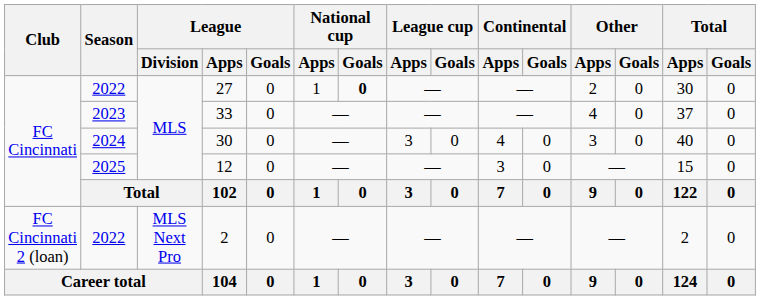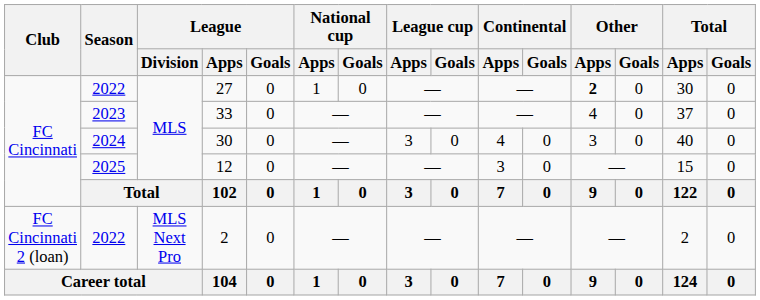 <table class=wikitable style=text-align:center>
 <tr>
 <th rowspan=2>Club</th>
 <th rowspan=2>Season</th>
 <th colspan=3>League</th>
 <th colspan=2>National cup</th>
 <th colspan="2">League cup</th>
 <th colspan="2">Continental</th>
 <th colspan="2">Other</th>
 <th colspan="2">Total</th>
 </tr>
 <tr>
 <th>Division</th>
 <th>Apps</th>
 <th>Goals</th>
 <th>Apps</th>
 <th>Goals</th>
 <th>Apps</th>
 <th>Goals</th>
 <th>Apps</th>
 <th>Goals</th>
 <th>Apps</th>
 <th>Goals</th>
 <th>Apps</th>
 <th>Goals</th>
 </tr>
 <tr>
 <td rowspan="5"><a href='#'>FC Cincinnati</a></td>
 <td><a href='#'>2022</a></td>
 <td rowspan="4"><a href='#'>MLS</a></td>
 <td>27</td>
 <td>0</td>
 <td>1</td>
-<td><strong>0</strong></td>
+<td>0</td>
 <td colspan="2">—</td>
 <td colspan="2">—</td>
-<td>2</td>
+<td><strong>2</strong></td>
 <td>0</td>
 <td>30</td>
 <td>0</td>
 </tr>
 <tr>
 <td><a href='#'>2023</a></td>
 <td>33</td>
 <td>0</td>
 <td colspan=2>—</td>
 <td colspan="2">—</td>
 <td colspan="2">—</td>
 <td>4</td>
 <td>0</td>
 <td>37</td>
 <td>0</td>
 </tr>
 <tr>
 <td><a href='#'>2024</a></td>
 <td>30</td>
 <td>0</td>
 <td colspan=2>—</td>
 <td>3</td>
 <td>0</td>
 <td>4</td>
 <td>0</td>
 <td>3</td>
 <td>0</td>
 <td>40</td>
 <td>0</td>
 </tr>
 <tr>
 <td><a href='#'>2025</a></td>
 <td>12</td>
 <td>0</td>
 <td colspan=2>—</td>
 <td colspan="2">—</td>
 <td>3</td>
 <td>0</td>
 <td colspan="2">—</td>
 <td>15</td>
 <td>0</td>
 </tr>
 <tr>
 <th colspan=2>Total</th>
 <th>102</th>
 <th>0</th>
 <th>1</th>
 <th>0</th>
 <th>3</th>
 <th>0</th>
 <th>7</th>
 <th>0</th>
 <th>9</th>
 <th>0</th>
 <th>122</th>
 <th>0</th>
 </tr>
 <tr>
 <td rowspan=1><a href='#'>FC Cincinnati 2</a> (loan)</td>
 <td><a href='#'>2022</a></td>
 <td rowspan=1><a href='#'>MLS Next Pro</a></td>
 <td>2</td>
 <td>0</td>
 <td colspan=2>—</td>
 <td colspan="2">—</td>
 <td colspan="2">—</td>
 <td colspan="2">—</td>
 <td>2</td>
 <td>0</td>
 </tr>
 <tr>
 <th colspan=3>Career total</th>
 <th>104</th>
 <th>0</th>
 <th>1</th>
 <th>0</th>
 <th>3</th>
 <th>0</th>
 <th>7</th>
 <th>0</th>
 <th>9</th>
 <th>0</th>
 <th>124</th>
 <th>0</th>
 </tr>
 </table>
